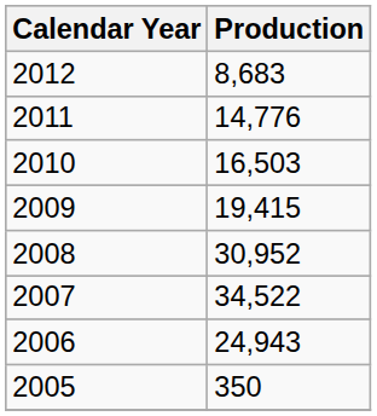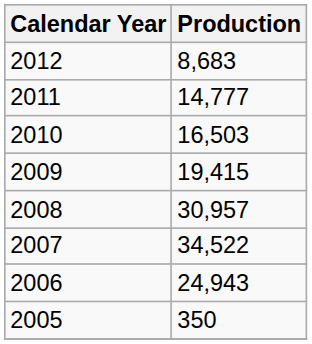 <table class="wikitable" style="font-size:90%;">
 <tr>
 <th>Calendar Year</th>
 <th>Production</th>
 </tr>
 <tr>
 <td>2012</td>
 <td>8,683</td>
 </tr>
 <tr>
 <td>2011</td>
-<td>14,776</td>
+<td>14,777</td>
 </tr>
 <tr>
 <td>2010</td>
 <td>16,503</td>
 </tr>
 <tr>
 <td>2009</td>
 <td>19,415</td>
 </tr>
 <tr>
 <td>2008</td>
-<td>30,952</td>
+<td>30,957</td>
 </tr>
 <tr>
 <td>2007</td>
 <td>34,522</td>
 </tr>
 <tr>
 <td>2006</td>
 <td>24,943</td>
 </tr>
 <tr>
 <td>2005</td>
 <td>350</td>
 </tr>
 <tr>
 </tr>
 </table>
